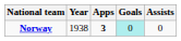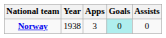 <table class="wikitable" style="font-size:90%; text-align: center;">
 <tr>
 <th>National team</th>
 <th>Year</th>
 <th>Apps</th>
 <th>Goals</th>
 <th>Assists</th>
 </tr>
 <tr>
 <td rowspan=7><strong><a href='#'>Norway</a></strong></td>
 <td>1938</td>
-<td><strong>3</strong></td>
+<td>3</td>
 <td style="background: paleturquoise;">0</td>
 <td>0</td>
 </tr>
 </table>
